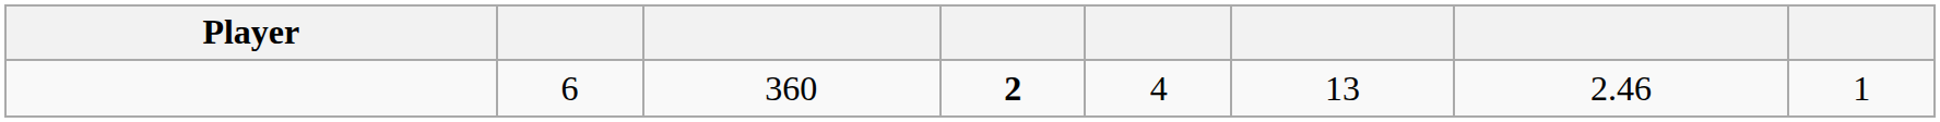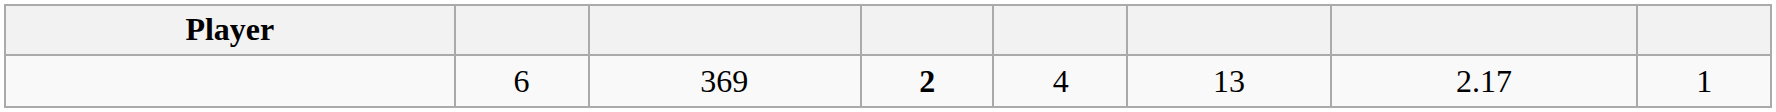 <table class="wikitable sortable" style="width:100%;">
 <tr style="text-align:center; background:#ddd;">
 <th>Player</th>
 <th></th>
 <th></th>
 <th></th>
 <th></th>
 <th></th>
 <th></th>
 <th></th>
 </tr>
 <tr align=center>
 <td></td>
 <td>6</td>
-<td>360</td>
+<td>369</td>
 <td><strong>2</strong></td>
 <td>4</td>
 <td>13</td>
-<td>2.46</td>
+<td>2.17</td>
 <td>1</td>
 </tr>
 </table>
